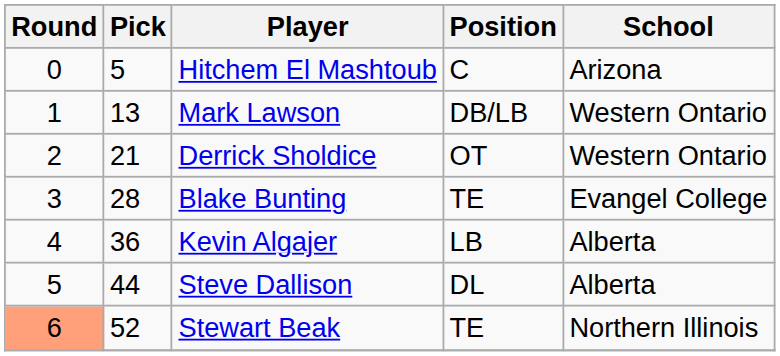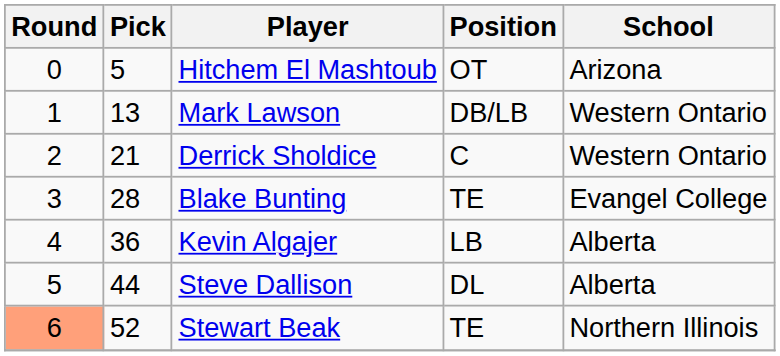 <table class="wikitable" style="font-size: 95%;">
 <tr>
 <th scope="col">Round</th>
 <th scope="col">Pick</th>
 <th scope="col">Player</th>
 <th scope="col">Position</th>
 <th scope="col">School</th>
 </tr>
 <tr>
 <td align=center>0</td>
 <td>5</td>
 <td><a href='#'>Hitchem El Mashtoub</a></td>
-<td>C</td>
+<td>OT</td>
 <td>Arizona</td>
 </tr>
 <tr>
 <td align=center>1</td>
 <td>13</td>
 <td><a href='#'>Mark Lawson</a></td>
 <td>DB/LB</td>
 <td>Western Ontario</td>
 </tr>
 <tr>
 <td align=center>2</td>
 <td>21</td>
 <td><a href='#'>Derrick Sholdice</a></td>
-<td>OT</td>
+<td>C</td>
 <td>Western Ontario</td>
 </tr>
 <tr>
 <td align=center>3</td>
 <td>28</td>
 <td><a href='#'>Blake Bunting</a></td>
 <td>TE</td>
 <td>Evangel College</td>
 </tr>
 <tr>
 <td align=center>4</td>
 <td>36</td>
 <td><a href='#'>Kevin Algajer</a></td>
 <td>LB</td>
 <td>Alberta</td>
 </tr>
 <tr>
 <td align=center>5</td>
 <td>44</td>
 <td><a href='#'>Steve Dallison</a></td>
 <td>DL</td>
 <td>Alberta</td>
 </tr>
 <tr>
 <td align=center style="background: lightsalmon;">6</td>
 <td>52</td>
 <td><a href='#'>Stewart Beak</a></td>
 <td>TE</td>
 <td>Northern Illinois</td>
 </tr>
 <tr>
 </tr>
 </table>
